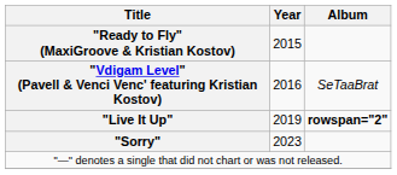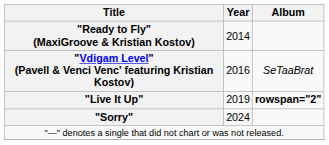 <table class="wikitable plainrowheaders" style="text-align:center;">
 <tr>
 <th scope="col" rowspan="1" style="width:20em;">Title</th>
 <th scope="col" rowspan="1" style="width:1em;">Year</th>
 <th scope="col" rowspan="1">Album</th>
 </tr>
 <tr>
 <th scope="row">"Ready to Fly"<br><span>(MaxiGroove & Kristian Kostov)</span></th>
-<td>2015</td>
+<td>2014</td>
 <td></td>
 </tr>
 <tr>
 <th scope="row">"<a href='#'>Vdigam Level</a>"<br><span>(Pavell & Venci Venc' featuring Kristian Kostov)</span></th>
 <td>2016</td>
 <td><em>SeTaaBrat</em></td>
 </tr>
 <tr>
 <th scope="row">"Live It Up"<br></th>
 <td>2019</td>
 <td><strong>rowspan="2"</strong></td>
 </tr>
 <tr>
 <th scope="row">"Sorry" <br></th>
-<td>2023</td>
+<td>2024</td>
 </tr>
 <tr>
 <td colspan="13" style="font-size:85%">"—" denotes a single that did not chart or was not released.</td>
 </tr>
 <tr>
 </tr>
 </table>
